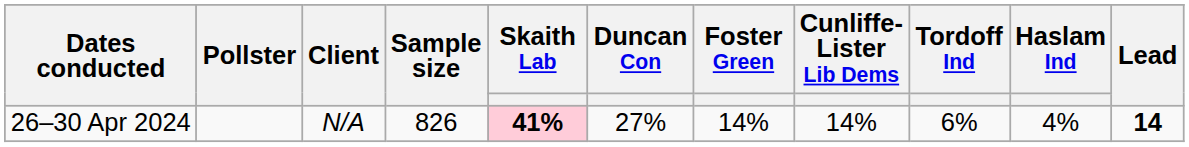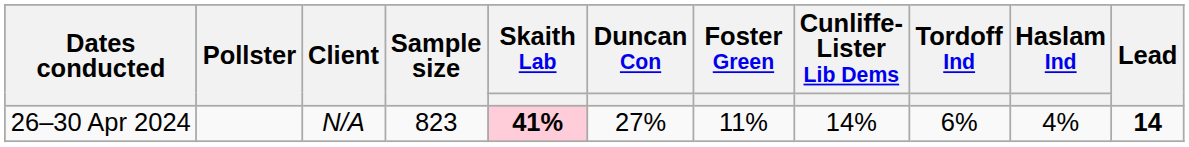 <table class="wikitable sortable mw-datatable" style="text-align:center;font-size:90%;line-height:14px;">
 <tr>
 <th rowspan="2">Dates<br>conducted</th>
 <th rowspan="2">Pollster</th>
 <th rowspan="2">Client</th>
 <th rowspan="2" data-sort-type="number">Sample<br>size</th>
 <th style="width:50px;">Skaith<br><small><a href='#'>Lab</a></small></th>
 <th style="width:50px;">Duncan<br><small><a href='#'>Con</a></small></th>
 <th style="width:50px;">Foster<br><small><a href='#'>Green</a></small></th>
 <th style="width:50px;">Cunliffe-Lister<br><small><a href='#'>Lib Dems</a></small></th>
 <th style="width:50px;">Tordoff<br><small><a href='#'>Ind</a></small></th>
 <th style="width:50px;">Haslam<br><small><a href='#'>Ind</a></small></th>
 <th rowspan="2" data-sort-type="number">Lead</th>
 </tr>
 <tr>
 <th data-sort-type="number" style="background:"></th>
 <th data-sort-type="number" style="background:"></th>
 <th data-sort-type="number" style="background:"></th>
 <th data-sort-type="number" style="background:"></th>
 <th data-sort-type="number" style="background:"></th>
 <th data-sort-type="number" style="background:"></th>
 </tr>
 <tr>
 <td>26–30 Apr 2024</td>
 <td></td>
 <td><em>N/A</em></td>
-<td>826</td>
+<td>823</td>
 <td style="background:#FFCCD9;"><strong>41%</strong></td>
 <td>27%</td>
-<td>14%</td>
+<td>11%</td>
 <td>14%</td>
 <td>6%</td>
 <td>4%</td>
 <td style="background:"><strong>14</strong></td>
 </tr>
 </table>
